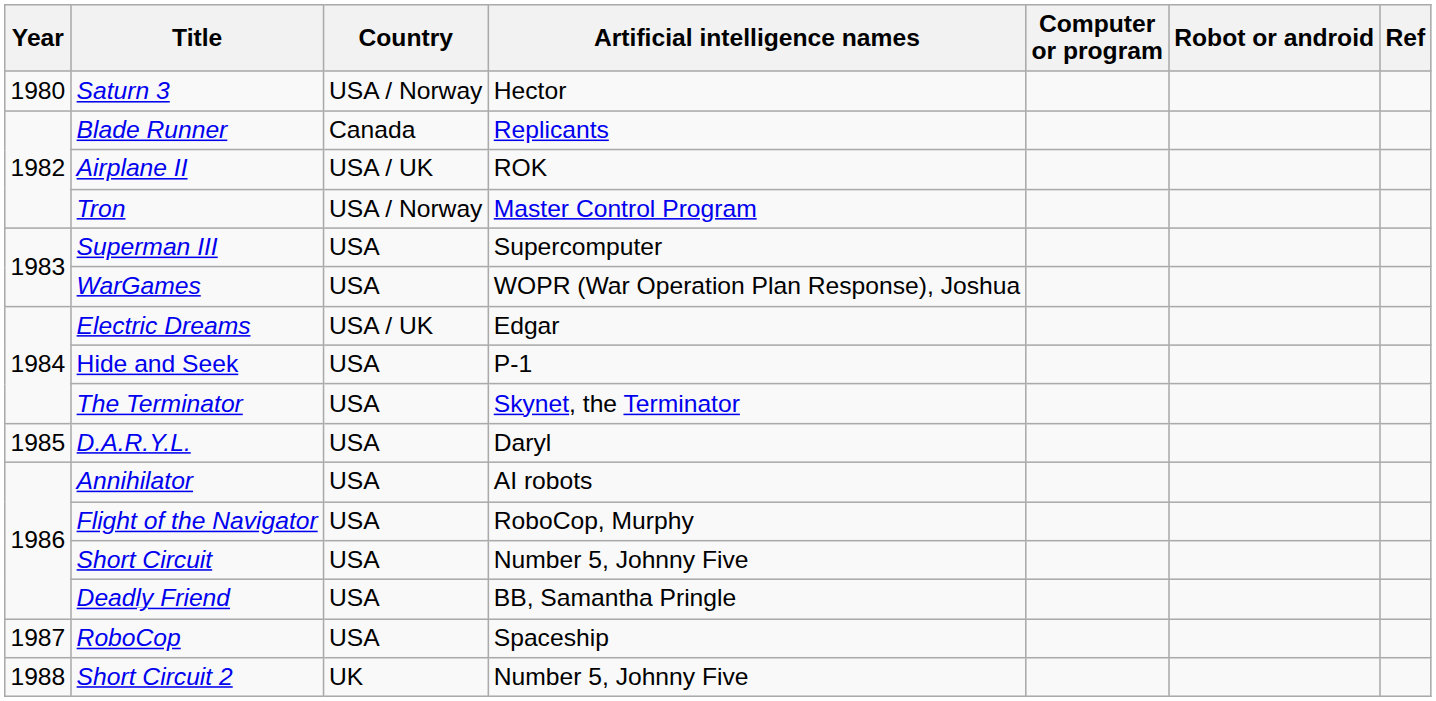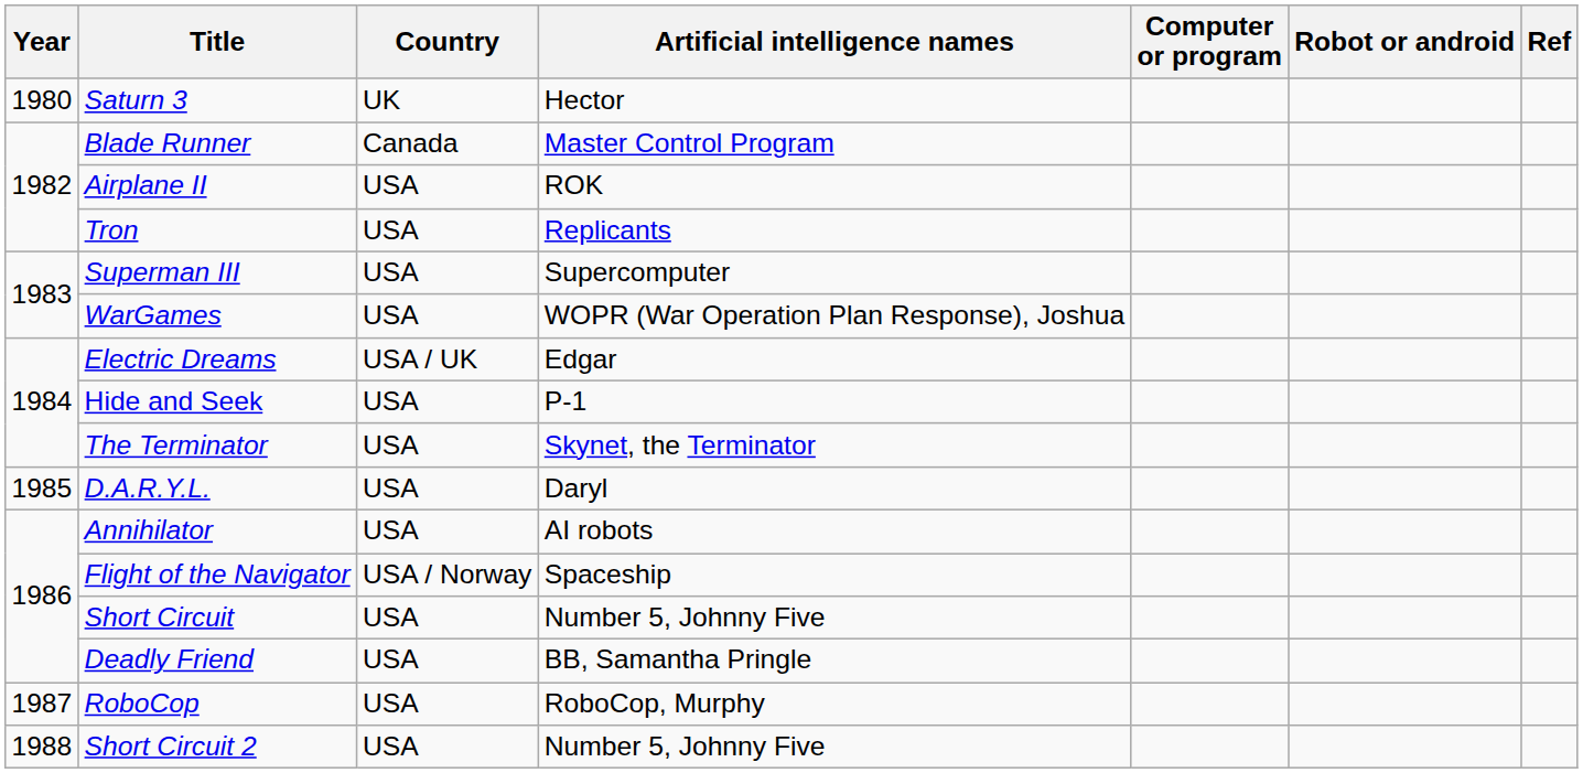 <table class="wikitable sortable mw-datatable">
 <tr>
 <th>Year</th>
 <th>Title</th>
 <th>Country</th>
 <th>Artificial intelligence names</th>
 <th>Computer<br>or program</th>
 <th>Robot or android</th>
 <th>Ref</th>
 </tr>
 <tr>
 <td>1980</td>
 <td><em><a href='#'>Saturn 3</a></em></td>
-<td>USA / Norway</td>
+<td>UK</td>
 <td>Hector</td>
 <td></td>
 <td></td>
 <td></td>
 </tr>
 <tr>
 <td rowspan="3">1982</td>
 <td><em><a href='#'>Blade Runner</a></em></td>
 <td>Canada</td>
-<td><a href='#'>Replicants</a></td>
+<td><a href='#'>Master Control Program</a></td>
 <td></td>
 <td></td>
 <td></td>
 </tr>
 <tr>
 <td><em><a href='#'>Airplane II</a></em></td>
-<td>USA / UK</td>
+<td>USA</td>
 <td>ROK</td>
 <td></td>
 <td></td>
 <td></td>
 </tr>
 <tr>
 <td><em><a href='#'>Tron</a></em></td>
-<td>USA / Norway</td>
-<td><a href='#'>Master Control Program</a></td>
+<td>USA</td>
+<td><a href='#'>Replicants</a></td>
 <td></td>
 <td></td>
 <td></td>
 </tr>
 <tr>
 <td rowspan="2">1983</td>
 <td><em><a href='#'>Superman III</a></em></td>
 <td>USA</td>
 <td>Supercomputer</td>
 <td></td>
 <td></td>
 <td></td>
 </tr>
 <tr>
 <td><em><a href='#'>WarGames</a></em></td>
 <td>USA</td>
 <td>WOPR (War Operation Plan Response), Joshua</td>
 <td></td>
 <td></td>
 <td></td>
 </tr>
 <tr>
 <td rowspan="3">1984</td>
 <td><em><a href='#'>Electric Dreams</a></em></td>
 <td>USA / UK</td>
 <td>Edgar</td>
 <td></td>
 <td></td>
 <td></td>
 </tr>
 <tr>
 <td><a href='#'>Hide and Seek</a></td>
 <td>USA</td>
 <td>P-1</td>
 <td></td>
 <td></td>
 <td></td>
 </tr>
 <tr>
 <td><em><a href='#'>The Terminator</a></em></td>
 <td>USA</td>
 <td><a href='#'>Skynet</a>, the <a href='#'>Terminator</a></td>
 <td></td>
 <td></td>
 <td></td>
 </tr>
 <tr>
 <td>1985</td>
 <td><em><a href='#'>D.A.R.Y.L.</a></em></td>
 <td>USA</td>
 <td>Daryl</td>
 <td></td>
 <td></td>
 <td></td>
 </tr>
 <tr>
 <td rowspan="4">1986</td>
 <td><em><a href='#'>Annihilator</a></em></td>
 <td>USA</td>
 <td>AI robots</td>
 <td></td>
 <td></td>
 <td></td>
 </tr>
 <tr>
 <td><em><a href='#'>Flight of the Navigator</a></em></td>
-<td>USA</td>
-<td>RoboCop, Murphy</td>
+<td>USA / Norway</td>
+<td>Spaceship</td>
 <td></td>
 <td></td>
 <td></td>
 </tr>
 <tr>
 <td><em><a href='#'>Short Circuit</a></em></td>
 <td>USA</td>
 <td>Number 5, Johnny Five</td>
 <td></td>
 <td></td>
 <td></td>
 </tr>
 <tr>
 <td><em><a href='#'>Deadly Friend</a></em></td>
 <td>USA</td>
 <td>BB, Samantha Pringle</td>
 <td></td>
 <td></td>
 <td></td>
 </tr>
 <tr>
 <td>1987</td>
 <td><em><a href='#'>RoboCop</a></em></td>
 <td>USA</td>
-<td>Spaceship</td>
+<td>RoboCop, Murphy</td>
 <td></td>
 <td></td>
 <td></td>
 </tr>
 <tr>
 <td>1988</td>
 <td><em><a href='#'>Short Circuit 2</a></em></td>
-<td>UK</td>
+<td>USA</td>
 <td>Number 5, Johnny Five</td>
 <td></td>
 <td></td>
 <td></td>
 </tr>
 </table>
